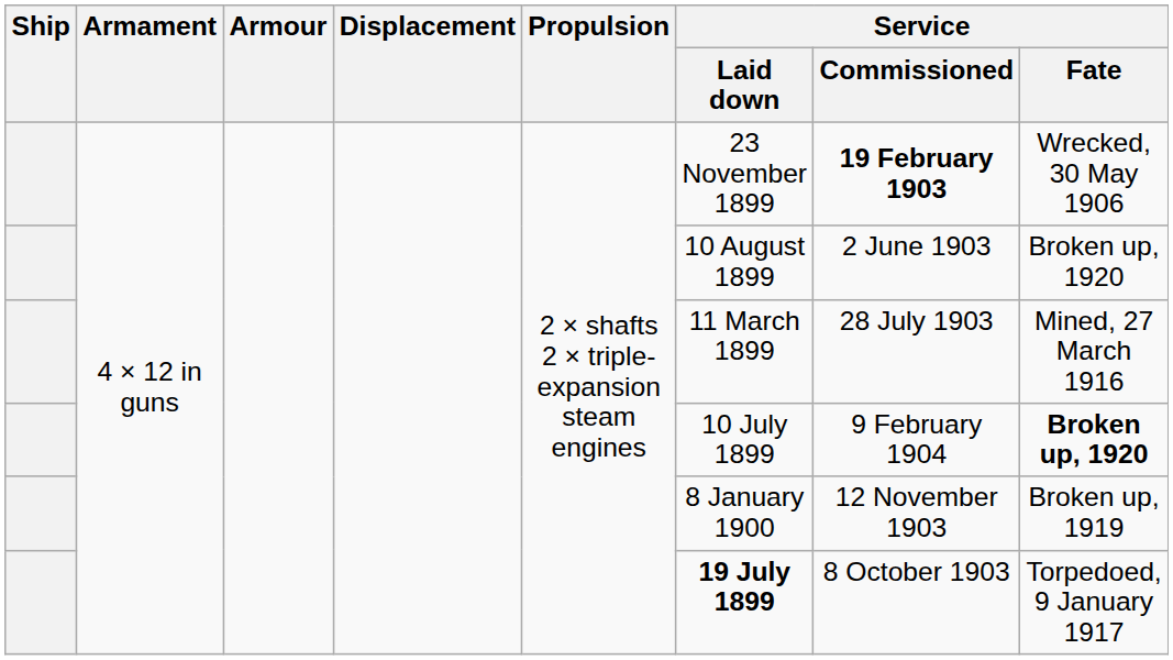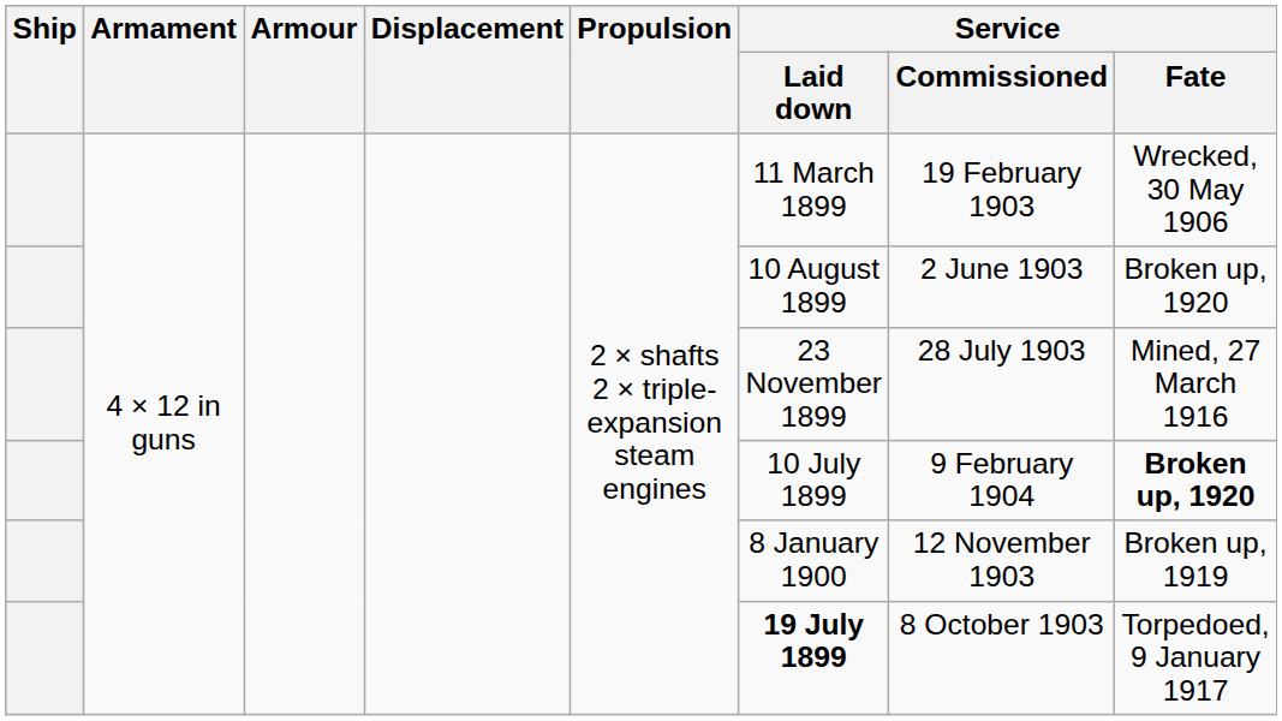 <table class="wikitable plainrowheaders" style="text-align: center;">
 <tr valign="top">
 <th scope="col" rowspan="2">Ship</th>
 <th scope="col" rowspan="2">Armament</th>
 <th scope="col" rowspan="2">Armour</th>
 <th scope="col" rowspan="2">Displacement</th>
 <th scope="col" rowspan="2">Propulsion</th>
 <th scope="col" colspan="3">Service</th>
 </tr>
 <tr valign="top">
 <th scope="col">Laid down</th>
 <th scope="col">Commissioned</th>
 <th scope="col">Fate</th>
 </tr>
 <tr valign="center">
 <th scope="row"></th>
 <td rowspan="6">4 × 12 in guns</td>
 <td rowspan="6"></td>
 <td rowspan="6"></td>
 <td rowspan="6">2 × shafts<br> 2 × triple-expansion steam engines<br></td>
-<td>23 November 1899</td>
-<td><strong>19 February 1903</strong></td>
+<td>11 March 1899</td>
+<td>19 February 1903</td>
 <td>Wrecked, 30 May 1906</td>
 </tr>
 <tr valign="top">
 <th scope="row"></th>
 <td>10 August 1899</td>
 <td>2 June 1903</td>
 <td>Broken up, 1920</td>
 </tr>
 <tr valign="top">
 <th scope="row"></th>
-<td>11 March 1899</td>
+<td>23 November 1899</td>
 <td>28 July 1903</td>
 <td>Mined, 27 March 1916</td>
 </tr>
 <tr valign="top">
 <th scope="row"></th>
 <td>10 July 1899</td>
 <td>9 February 1904</td>
 <td><strong>Broken up, 1920</strong></td>
 </tr>
 <tr valign="top">
 <th scope="row"></th>
 <td>8 January 1900</td>
 <td>12 November 1903</td>
 <td>Broken up, 1919</td>
 </tr>
 <tr valign="top">
 <th scope="row"></th>
 <td><strong>19 July 1899</strong></td>
 <td>8 October 1903</td>
 <td>Torpedoed, 9 January 1917</td>
 </tr>
 </table>
